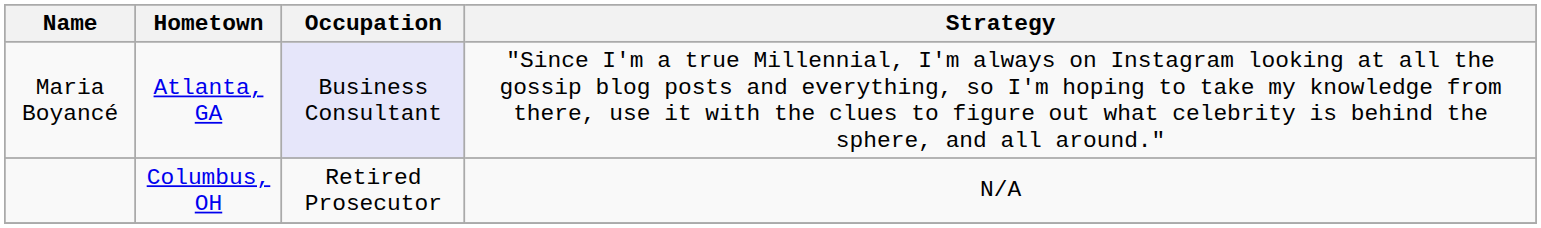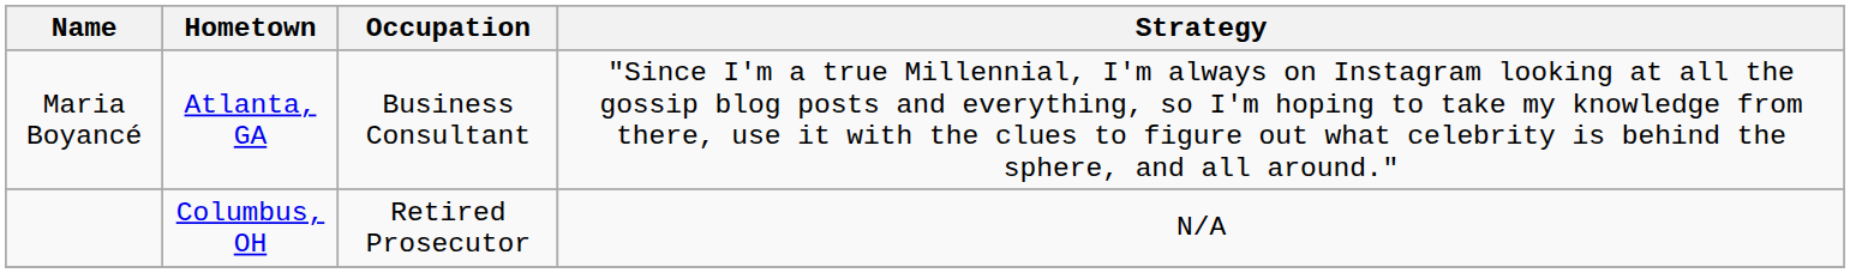 <table class="wikitable" style="text-align:center;">
 <tr>
 <th>Name<br></th>
 <th>Hometown<br></th>
 <th>Occupation<br></th>
 <th>Strategy<br></th>
 </tr>
 <tr>
 <td>Maria Boyancé</td>
 <td><a href='#'>Atlanta, GA</a></td>
-<td style="background: lavender;">Business Consultant</td>
+<td>Business Consultant</td>
 <td>"Since I'm a true Millennial, I'm always on Instagram looking at all the gossip blog posts and everything, so I'm hoping to take my knowledge from there, use it with the clues to figure out what celebrity is behind the sphere, and all around."</td>
 </tr>
 <tr>
 <td><br></td>
 <td><a href='#'>Columbus, OH</a></td>
 <td>Retired Prosecutor</td>
 <td>N/A</td>
 </tr>
 <tr>
 </tr>
 </table>
